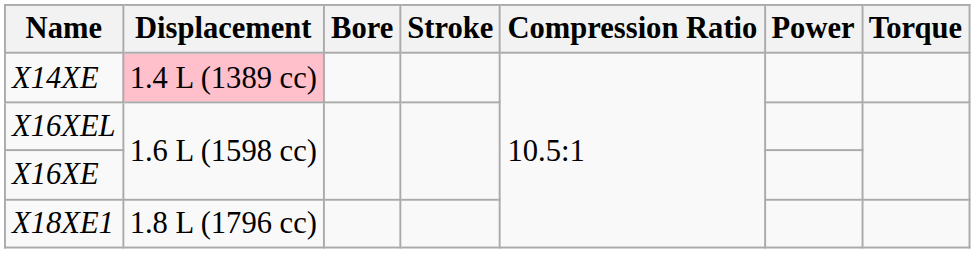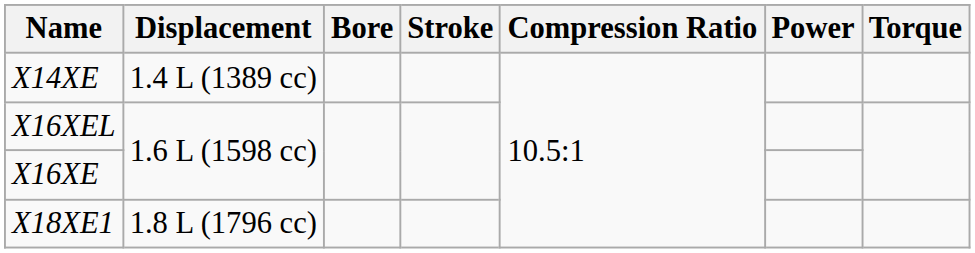 <table class=wikitable>
 <tr>
 <th>Name</th>
 <th>Displacement</th>
 <th>Bore</th>
 <th>Stroke</th>
 <th>Compression Ratio</th>
 <th>Power</th>
 <th>Torque</th>
 </tr>
 <tr>
 <td><em>X14XE</em></td>
-<td style="background: pink;">1.4 L (1389 cc)</td>
+<td>1.4 L (1389 cc)</td>
 <td></td>
 <td></td>
 <td rowspan=4>10.5:1</td>
 <td></td>
 <td></td>
 </tr>
 <tr>
 <td><em>X16XEL</em></td>
 <td rowspan=2>1.6 L (1598 cc)</td>
 <td rowspan=2></td>
 <td rowspan=2></td>
 <td></td>
 <td rowspan=2></td>
 </tr>
 <tr>
 <td><em>X16XE</em></td>
 <td></td>
 </tr>
 <tr>
 <td><em>X18XE1</em></td>
 <td>1.8 L (1796 cc)</td>
 <td></td>
 <td></td>
 <td></td>
 <td></td>
 </tr>
 </table>
